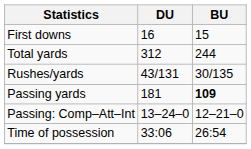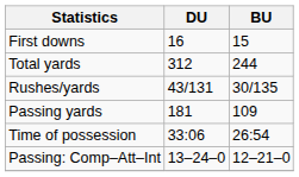 <table class="wikitable" style="float: left;">
 <tr>
 <th>Statistics</th>
 <th>DU</th>
 <th>BU</th>
 </tr>
 <tr>
 <td>First downs</td>
 <td>16</td>
 <td>15</td>
 </tr>
 <tr>
 <td>Total yards</td>
 <td>312</td>
 <td>244</td>
 </tr>
 <tr>
 <td>Rushes/yards</td>
 <td>43/131</td>
 <td>30/135</td>
 </tr>
 <tr>
 <td>Passing yards</td>
 <td>181</td>
-<td><strong>109</strong></td>
+<td>109</td>
+</tr>
+<tr>
+<td>Time of possession</td>
+<td>33:06</td>
+<td>26:54</td>
 </tr>
 <tr>
 <td>Passing: Comp–Att–Int</td>
 <td>13–24–0</td>
 <td>12–21–0</td>
 </tr>
 <tr>
-<td>Time of possession</td>
-<td>33:06</td>
-<td>26:54</td>
-</tr>
-<tr>
 </tr>
 </table>
